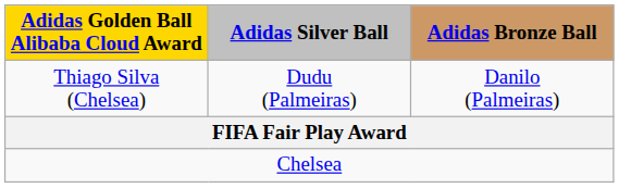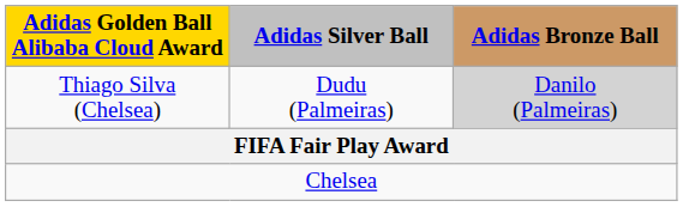 <table class="wikitable" style="text-align:center">
 <tr>
 <th style="background:gold; width:33%"><a href='#'>Adidas</a> Golden Ball<br><a href='#'>Alibaba Cloud</a> Award</th>
 <th style="background:silver; width:33%"><a href='#'>Adidas</a> Silver Ball</th>
 <th style="background:#CC9966; width:33%"><a href='#'>Adidas</a> Bronze Ball</th>
 </tr>
 <tr>
 <td> <a href='#'>Thiago Silva</a><br>(<a href='#'>Chelsea</a>)</td>
 <td> <a href='#'>Dudu</a><br>(<a href='#'>Palmeiras</a>)</td>
-<td> <a href='#'>Danilo</a><br>(<a href='#'>Palmeiras</a>)</td>
+<td style="background: lightgrey;"> <a href='#'>Danilo</a><br>(<a href='#'>Palmeiras</a>)</td>
 </tr>
 <tr>
 <th colspan="3">FIFA Fair Play Award</th>
 </tr>
 <tr>
 <td colspan="3"> <a href='#'>Chelsea</a></td>
 </tr>
 </table>
